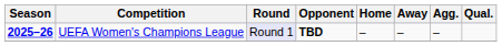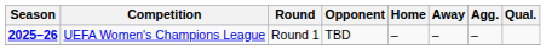 <table class="wikitable" style="text-align: left; font-size:95%">
 <tr bgcolor="#ccccff">
 <th>Season</th>
 <th>Competition</th>
 <th>Round</th>
 <th>Opponent</th>
 <th>Home</th>
 <th>Away</th>
 <th>Agg.</th>
 <th>Qual.</th>
 </tr>
 <tr>
 <td><strong><a href='#'>2025–26</a></strong></td>
 <td><a href='#'>UEFA Women's Champions League</a></td>
-<td style="background: lavender;">Round 1</td>
-<td><strong>TBD</strong></td>
+<td>Round 1</td>
+<td>TBD</td>
 <td>–</td>
 <td>–</td>
 <td>–</td>
 <td></td>
 </tr>
 <tr>
 </tr>
 </table>
